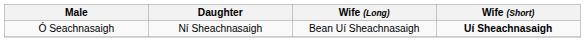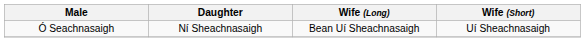 <table class="wikitable" style="text-align:right">
 <tr>
 <th width=20%>Male</th>
 <th width=20%>Daughter</th>
 <th width=20%>Wife <em><small>(Long)</small></em></th>
 <th width=20%>Wife <em><small>(Short)</small></em></th>
 </tr>
 <tr>
 <td align="center">Ó Seachnasaigh</td>
 <td align="center">Ní Sheachnasaigh</td>
 <td align="center">Bean Uí Sheachnasaigh</td>
-<td align="center"><strong>Uí Sheachnasaigh</strong></td>
+<td align="center">Uí Sheachnasaigh</td>
 </tr>
 <tr>
 </tr>
 </table>
